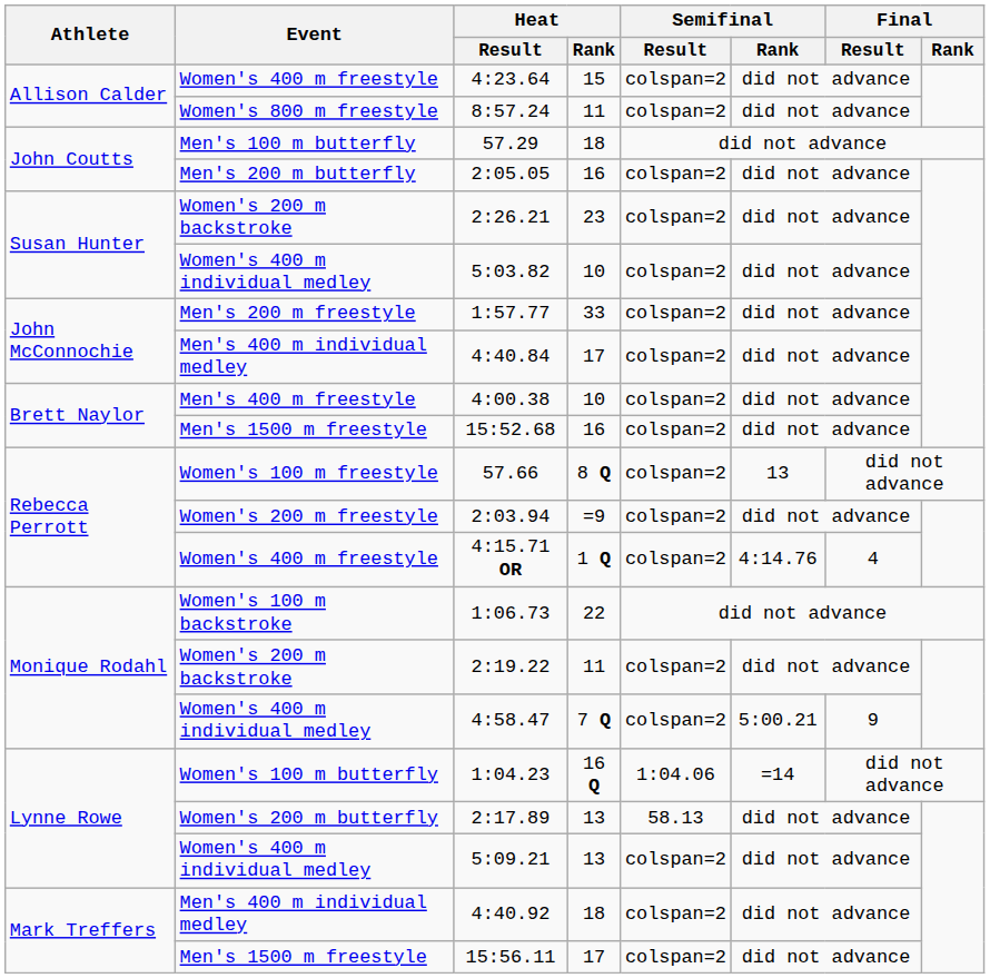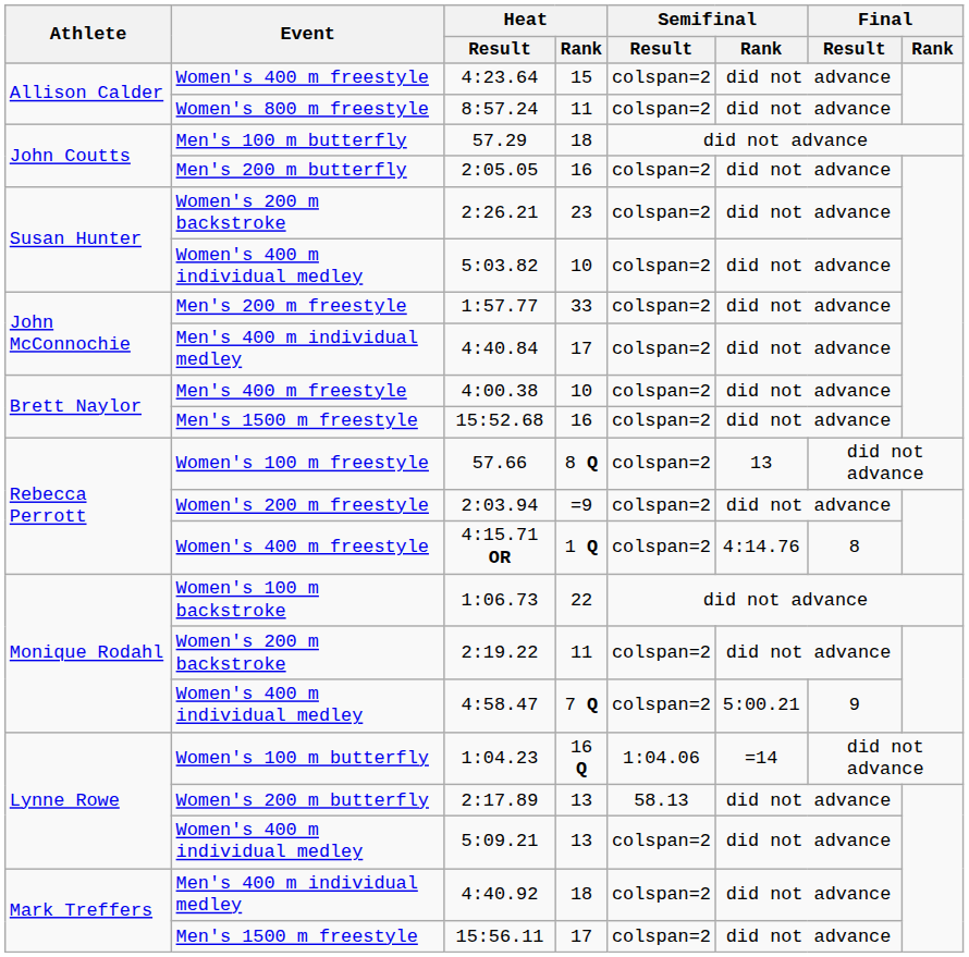 <table class="wikitable" style="font-size:90%;text-align:center;">
 <tr>
 <th rowspan=2>Athlete</th>
 <th rowspan=2>Event</th>
 <th colspan=2>Heat</th>
 <th colspan=2>Semifinal</th>
 <th colspan=2>Final</th>
 </tr>
 <tr style="font-size:95%">
 <th>Result</th>
 <th>Rank</th>
 <th>Result</th>
 <th>Rank</th>
 <th>Result</th>
 <th>Rank</th>
 </tr>
 <tr align=center>
 <td align=left rowspan=2><a href='#'>Allison Calder</a></td>
 <td align=left><a href='#'>Women's 400 m freestyle</a></td>
 <td>4:23.64</td>
 <td>15</td>
 <td>colspan=2 </td>
 <td colspan=2>did not advance</td>
 </tr>
 <tr align=center>
 <td align=left><a href='#'>Women's 800 m freestyle</a></td>
 <td>8:57.24</td>
 <td>11</td>
 <td>colspan=2 </td>
 <td colspan=2>did not advance</td>
 </tr>
 <tr align=center>
 <td align=left rowspan=2><a href='#'>John Coutts</a></td>
 <td align=left><a href='#'>Men's 100 m butterfly</a></td>
 <td>57.29</td>
 <td>18</td>
 <td colspan=4>did not advance</td>
 </tr>
 <tr align=center>
 <td align=left><a href='#'>Men's 200 m butterfly</a></td>
 <td>2:05.05</td>
 <td>16</td>
 <td>colspan=2 </td>
 <td colspan=2>did not advance</td>
 </tr>
 <tr align=center>
 <td align=left rowspan=2><a href='#'>Susan Hunter</a></td>
 <td align=left><a href='#'>Women's 200 m backstroke</a></td>
 <td>2:26.21</td>
 <td>23</td>
 <td>colspan=2 </td>
 <td colspan=2>did not advance</td>
 </tr>
 <tr align=center>
 <td align=left><a href='#'>Women's 400 m individual medley</a></td>
 <td>5:03.82</td>
 <td>10</td>
 <td>colspan=2 </td>
 <td colspan=2>did not advance</td>
 </tr>
 <tr align=center>
 <td align=left rowspan=2><a href='#'>John McConnochie</a></td>
 <td align=left><a href='#'>Men's 200 m freestyle</a></td>
 <td>1:57.77</td>
 <td>33</td>
 <td>colspan=2 </td>
 <td colspan=2>did not advance</td>
 </tr>
 <tr align=center>
 <td align=left><a href='#'>Men's 400 m individual medley</a></td>
 <td>4:40.84</td>
 <td>17</td>
 <td>colspan=2 </td>
 <td colspan=2>did not advance</td>
 </tr>
 <tr align=center>
 <td align=left rowspan=2><a href='#'>Brett Naylor</a></td>
 <td align=left><a href='#'>Men's 400 m freestyle</a></td>
 <td>4:00.38</td>
 <td>10</td>
 <td>colspan=2 </td>
 <td colspan=2>did not advance</td>
 </tr>
 <tr align=center>
 <td align=left><a href='#'>Men's 1500 m freestyle</a></td>
 <td>15:52.68</td>
 <td>16</td>
 <td>colspan=2 </td>
 <td colspan=2>did not advance</td>
 </tr>
 <tr align=center>
 <td align=left rowspan=3><a href='#'>Rebecca Perrott</a></td>
 <td align=left><a href='#'>Women's 100 m freestyle</a></td>
 <td>57.66</td>
 <td>8 <strong>Q</strong></td>
 <td>colspan=2 </td>
 <td>13</td>
 <td colspan=2>did not advance</td>
 </tr>
 <tr align=center>
 <td align=left><a href='#'>Women's 200 m freestyle</a></td>
 <td>2:03.94</td>
 <td>=9</td>
 <td>colspan=2 </td>
 <td colspan=2>did not advance</td>
 </tr>
 <tr align=center>
 <td align=left><a href='#'>Women's 400 m freestyle</a></td>
 <td>4:15.71 <strong>OR</strong></td>
 <td>1 <strong>Q</strong></td>
 <td>colspan=2 </td>
 <td>4:14.76</td>
-<td>4</td>
+<td>8</td>
 </tr>
 <tr align=center>
 <td align=left rowspan=3><a href='#'>Monique Rodahl</a></td>
 <td align=left><a href='#'>Women's 100 m backstroke</a></td>
 <td>1:06.73</td>
 <td>22</td>
 <td colspan=4>did not advance</td>
 </tr>
 <tr align=center>
 <td align=left><a href='#'>Women's 200 m backstroke</a></td>
 <td>2:19.22</td>
 <td>11</td>
 <td>colspan=2 </td>
 <td colspan=2>did not advance</td>
 </tr>
 <tr align=center>
 <td align=left><a href='#'>Women's 400 m individual medley</a></td>
 <td>4:58.47</td>
 <td>7 <strong>Q</strong></td>
 <td>colspan=2 </td>
 <td>5:00.21</td>
 <td>9</td>
 </tr>
 <tr align=center>
 <td align=left rowspan=3><a href='#'>Lynne Rowe</a></td>
 <td align=left><a href='#'>Women's 100 m butterfly</a></td>
 <td>1:04.23</td>
 <td>16 <strong>Q</strong></td>
 <td>1:04.06</td>
 <td>=14</td>
 <td colspan=2>did not advance</td>
 </tr>
 <tr align=center>
 <td align=left><a href='#'>Women's 200 m butterfly</a></td>
 <td>2:17.89</td>
 <td>13</td>
 <td>58.13</td>
 <td colspan=2>did not advance</td>
 </tr>
 <tr align=center>
 <td align=left><a href='#'>Women's 400 m individual medley</a></td>
 <td>5:09.21</td>
 <td>13</td>
 <td>colspan=2 </td>
 <td colspan=2>did not advance</td>
 </tr>
 <tr align=center>
 <td align=left rowspan=2><a href='#'>Mark Treffers</a></td>
 <td align=left><a href='#'>Men's 400 m individual medley</a></td>
 <td>4:40.92</td>
 <td>18</td>
 <td>colspan=2 </td>
 <td colspan=2>did not advance</td>
 </tr>
 <tr align=center>
 <td align=left><a href='#'>Men's 1500 m freestyle</a></td>
 <td>15:56.11</td>
 <td>17</td>
 <td>colspan=2 </td>
 <td colspan=2>did not advance</td>
 </tr>
 </table>
